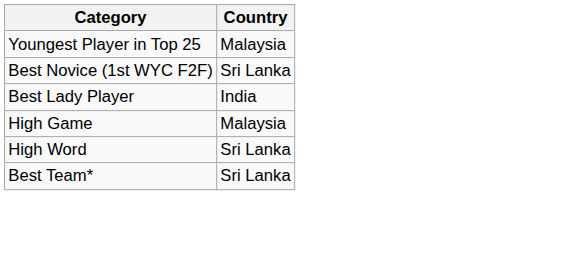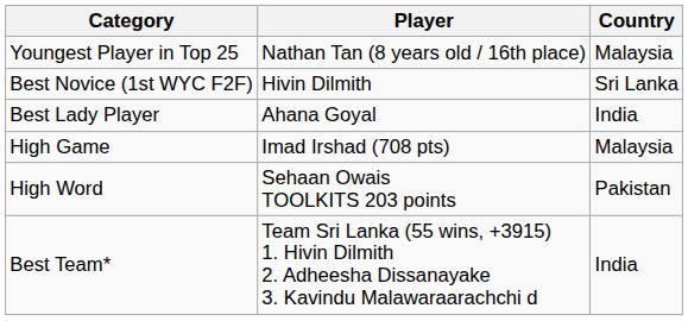 <table class="wikitable">
 <tr>
 <th>Category</th>
+<th>Player</th>
 <th>Country</th>
 </tr>
 <tr>
 <td>Youngest Player in Top 25</td>
+<td>Nathan Tan (8 years old / 16th place)</td>
 <td>Malaysia</td>
 </tr>
 <tr>
 <td>Best Novice (1st WYC F2F)</td>
+<td>Hivin Dilmith</td>
 <td>Sri Lanka</td>
 </tr>
 <tr>
 <td>Best Lady Player</td>
+<td>Ahana Goyal</td>
 <td>India</td>
 </tr>
 <tr>
 <td>High Game</td>
+<td>Imad Irshad (708 pts)</td>
 <td>Malaysia</td>
 </tr>
 <tr>
 <td>High Word</td>
-<td>Sri Lanka</td>
+<td>Sehaan Owais<br>TOOLKITS 203 points</td>
+<td>Pakistan</td>
 </tr>
 <tr>
 <td>Best Team*</td>
-<td>Sri Lanka</td>
+<td>Team Sri Lanka (55 wins, +3915)<br>1. Hivin Dilmith<br>2. Adheesha Dissanayake<br>3. Kavindu Malawaraarachchi 	d</td>
+<td>India</td>
 </tr>
 </table>
